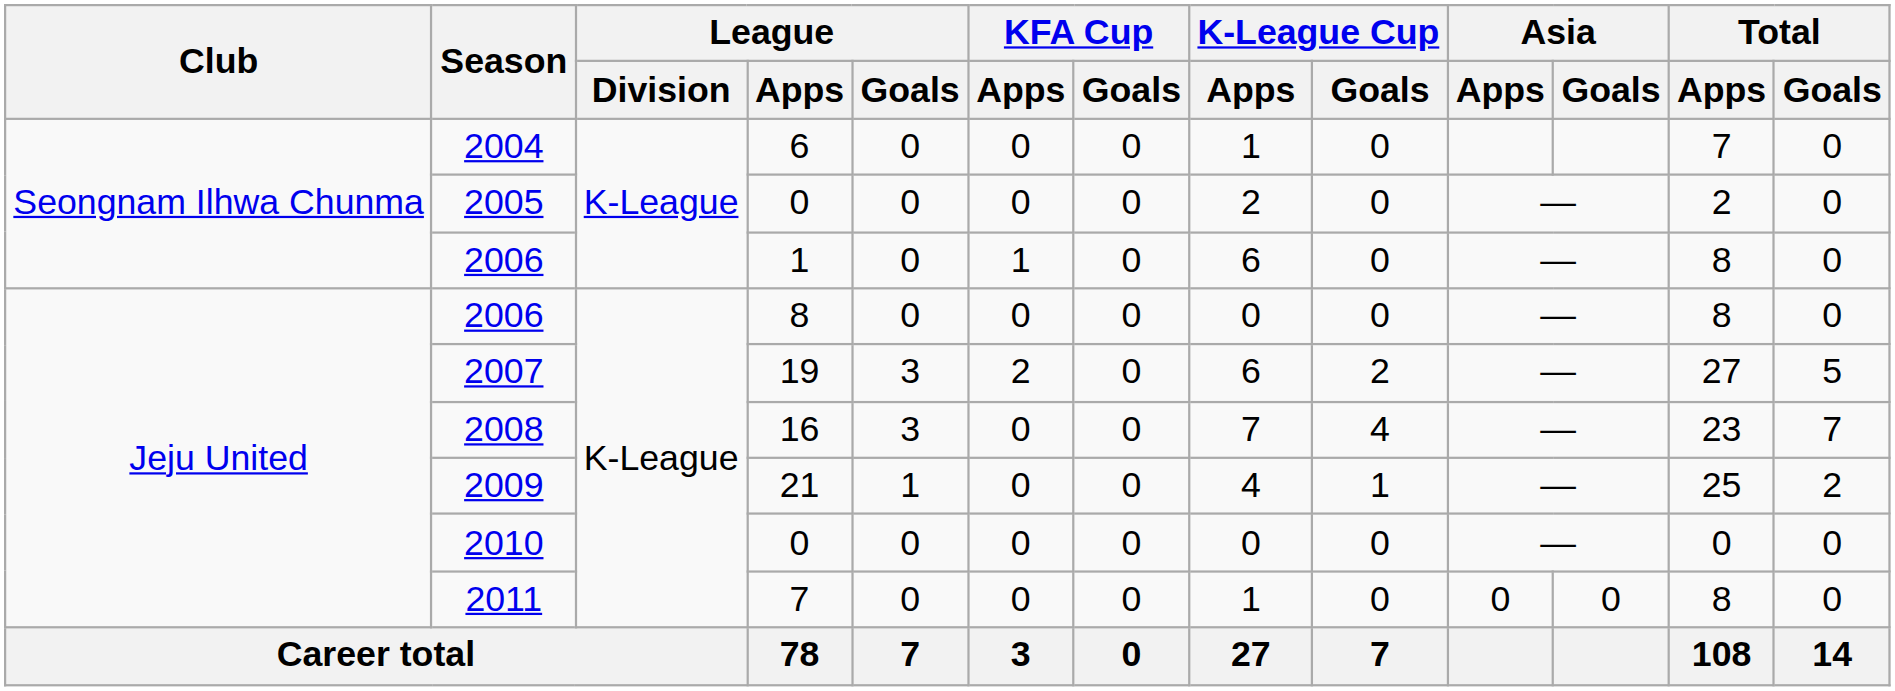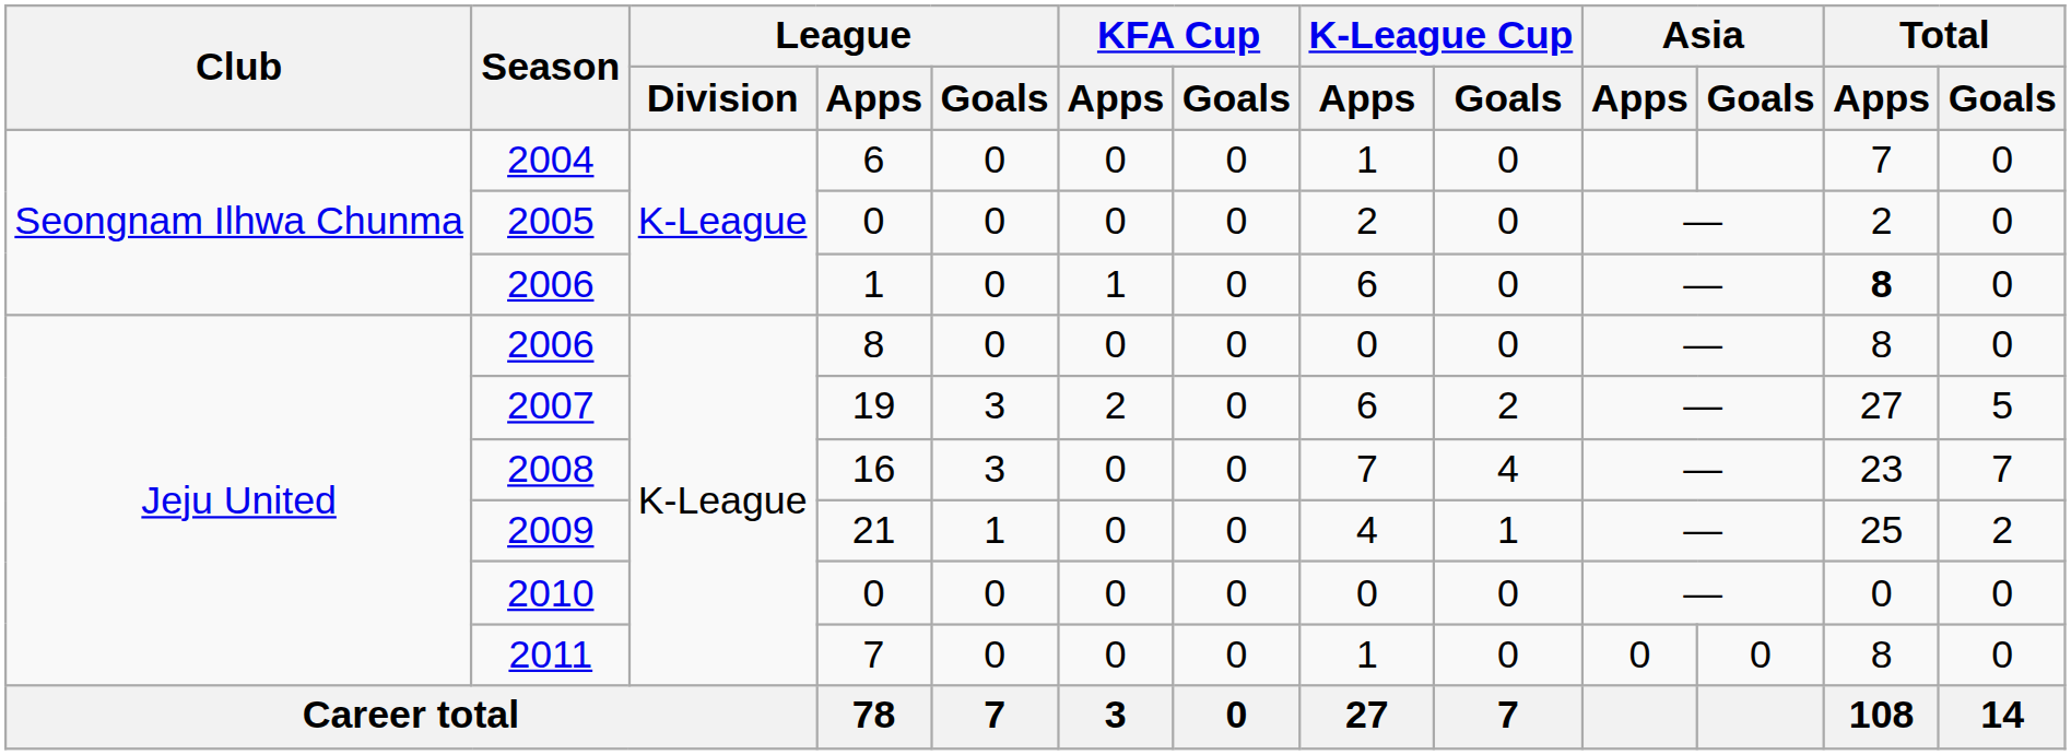 <table class="wikitable" style="text-align:center">
 <tr>
 <th rowspan="2">Club</th>
 <th rowspan="2">Season</th>
 <th colspan="3">League</th>
 <th colspan="2"><a href='#'>KFA Cup</a></th>
 <th colspan="2"><a href='#'>K-League Cup</a></th>
 <th colspan="2">Asia</th>
 <th colspan="2">Total</th>
 </tr>
 <tr>
 <th>Division</th>
 <th>Apps</th>
 <th>Goals</th>
 <th>Apps</th>
 <th>Goals</th>
 <th>Apps</th>
 <th>Goals</th>
 <th>Apps</th>
 <th>Goals</th>
 <th>Apps</th>
 <th>Goals</th>
 </tr>
 <tr>
 <td rowspan="3"><a href='#'>Seongnam Ilhwa Chunma</a></td>
 <td><a href='#'>2004</a></td>
 <td rowspan="3"><a href='#'>K-League</a></td>
 <td>6</td>
 <td>0</td>
 <td>0</td>
 <td>0</td>
 <td>1</td>
 <td>0</td>
 <td></td>
 <td></td>
 <td>7</td>
 <td>0</td>
 </tr>
 <tr>
 <td><a href='#'>2005</a></td>
 <td>0</td>
 <td>0</td>
 <td>0</td>
 <td>0</td>
 <td>2</td>
 <td>0</td>
 <td colspan="2">—</td>
 <td>2</td>
 <td>0</td>
 </tr>
 <tr>
 <td><a href='#'>2006</a></td>
 <td>1</td>
 <td>0</td>
 <td>1</td>
 <td>0</td>
 <td>6</td>
 <td>0</td>
 <td colspan="2">—</td>
-<td>8</td>
+<td><strong>8</strong></td>
 <td>0</td>
 </tr>
 <tr>
 <td rowspan="6"><a href='#'>Jeju United</a></td>
 <td><a href='#'>2006</a></td>
 <td rowspan="6">K-League</td>
 <td>8</td>
 <td>0</td>
 <td>0</td>
 <td>0</td>
 <td>0</td>
 <td>0</td>
 <td colspan="2">—</td>
 <td>8</td>
 <td>0</td>
 </tr>
 <tr>
 <td><a href='#'>2007</a></td>
 <td>19</td>
 <td>3</td>
 <td>2</td>
 <td>0</td>
 <td>6</td>
 <td>2</td>
 <td colspan="2">—</td>
 <td>27</td>
 <td>5</td>
 </tr>
 <tr>
 <td><a href='#'>2008</a></td>
 <td>16</td>
 <td>3</td>
 <td>0</td>
 <td>0</td>
 <td>7</td>
 <td>4</td>
 <td colspan="2">—</td>
 <td>23</td>
 <td>7</td>
 </tr>
 <tr>
 <td><a href='#'>2009</a></td>
 <td>21</td>
 <td>1</td>
 <td>0</td>
 <td>0</td>
 <td>4</td>
 <td>1</td>
 <td colspan="2">—</td>
 <td>25</td>
 <td>2</td>
 </tr>
 <tr>
 <td><a href='#'>2010</a></td>
 <td>0</td>
 <td>0</td>
 <td>0</td>
 <td>0</td>
 <td>0</td>
 <td>0</td>
 <td colspan="2">—</td>
 <td>0</td>
 <td>0</td>
 </tr>
 <tr>
 <td><a href='#'>2011</a></td>
 <td>7</td>
 <td>0</td>
 <td>0</td>
 <td>0</td>
 <td>1</td>
 <td>0</td>
 <td>0</td>
 <td>0</td>
 <td>8</td>
 <td>0</td>
 </tr>
 <tr>
 <th colspan="3">Career total</th>
 <th>78</th>
 <th>7</th>
 <th>3</th>
 <th>0</th>
 <th>27</th>
 <th>7</th>
 <th></th>
 <th></th>
 <th>108</th>
 <th>14</th>
 </tr>
 </table>
